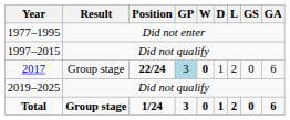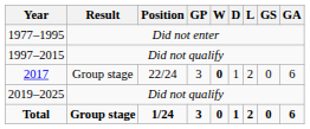 <table class="wikitable" style="text-align: center;">
 <tr>
 <th>Year</th>
 <th>Result</th>
 <th>Position</th>
 <th>GP</th>
 <th>W</th>
 <th>D</th>
 <th>L</th>
 <th>GS</th>
 <th>GA</th>
 </tr>
 <tr>
 <td>1977–1995</td>
 <td colspan=10><em>Did not enter</em></td>
 </tr>
 <tr>
 <td>1997–2015</td>
 <td colspan=10><em>Did not qualify</em></td>
 </tr>
 <tr>
 <td> <a href='#'>2017</a></td>
 <td>Group stage</td>
-<td><strong>22/24</strong></td>
-<td style="background: lightblue;">3</td>
+<td>22/24</td>
+<td>3</td>
 <td><strong>0</strong></td>
 <td>1</td>
 <td>2</td>
 <td>0</td>
 <td>6</td>
 </tr>
 <tr>
 <td>2019–2025</td>
 <td colspan=10><em>Did not qualify</em></td>
 </tr>
 <tr>
 <td><strong>Total</strong></td>
 <td><strong>Group stage</strong></td>
 <td><strong>1/24</strong></td>
 <td><strong>3</strong></td>
 <td><strong>0</strong></td>
 <td><strong>1</strong></td>
 <td><strong>2</strong></td>
 <td><strong>0</strong></td>
 <td><strong>6</strong></td>
 </tr>
 </table>
